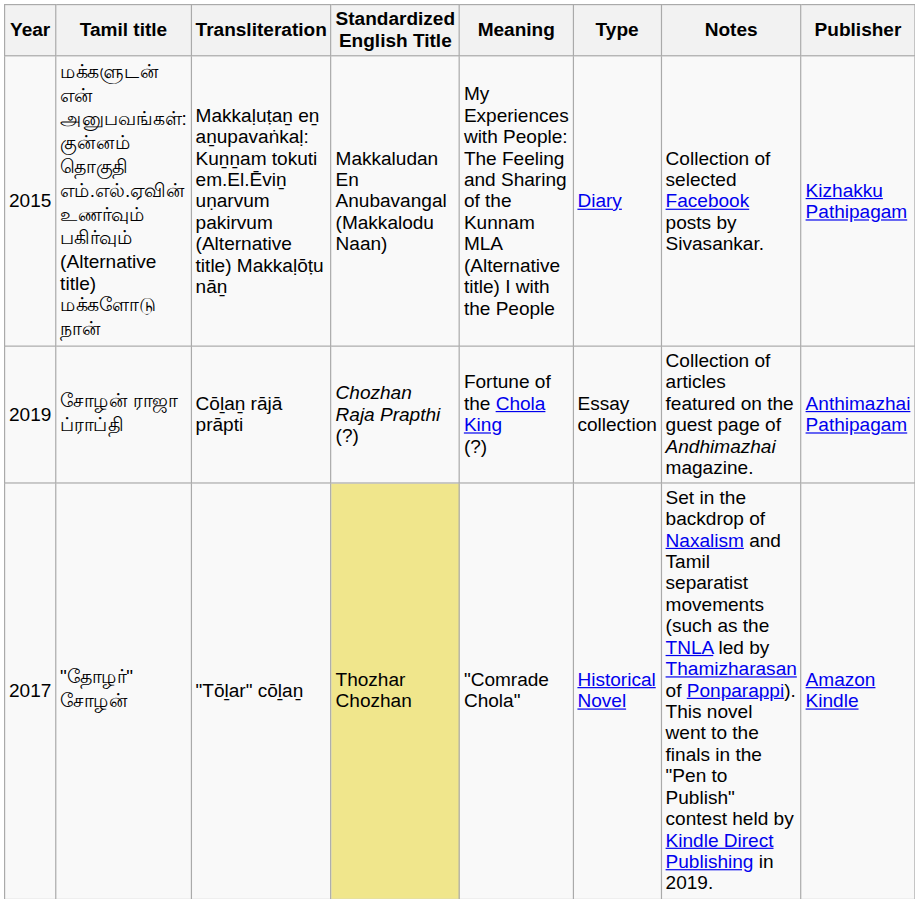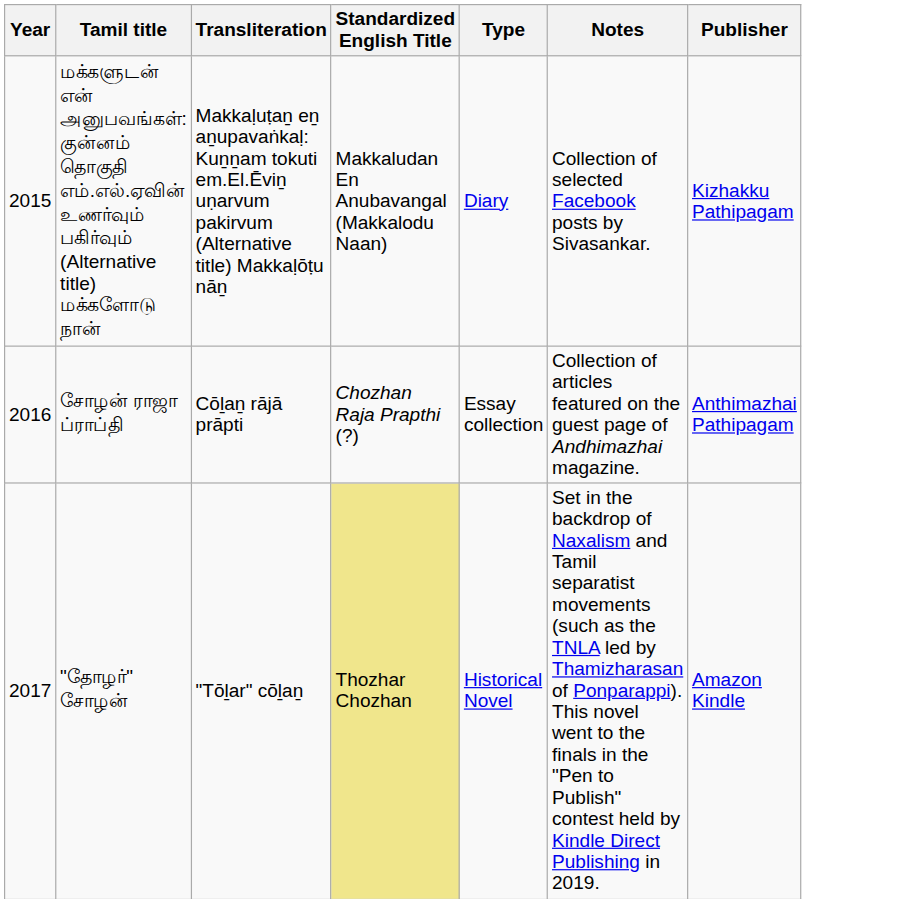 <table class="wikitable">
 <tr>
 <th>Year</th>
 <th>Tamil title</th>
 <th>Transliteration</th>
 <th>Standardized English Title</th>
-<th>Meaning</th>
 <th>Type</th>
 <th>Notes</th>
 <th>Publisher</th>
 </tr>
 <tr>
 <td>2015</td>
 <td>மக்களுடன் என் அனுபவங்கள்:   குன்னம் தொகுதி எம்.எல்.ஏவின் உணர்வும் பகிர்வும்<br>(Alternative  title) மக்களோடு நான்</td>
 <td>Makkaḷuṭaṉ eṉ aṉupavaṅkaḷ: Kuṉṉam tokuti em.El.Ēviṉ uṇarvum pakirvum<br>(Alternative  title) Makkaḷōṭu nāṉ</td>
 <td>Makkaludan En Anubavangal<br>(Makkalodu Naan)</td>
-<td>My Experiences with People: The Feeling and Sharing of the Kunnam MLA<br>(Alternative  title) I with the People</td>
 <td><a href='#'>Diary</a></td>
 <td>Collection of selected <a href='#'>Facebook</a> posts by Sivasankar.</td>
 <td><a href='#'>Kizhakku Pathipagam</a></td>
 </tr>
 <tr>
-<td>2019</td>
+<td>2016</td>
 <td>சோழன் ராஜா ப்ராப்தி</td>
 <td>Cōḻaṉ rājā prāpti</td>
 <td><em>Chozhan Raja Prapthi</em>    (?)</td>
-<td>Fortune of the <a href='#'>Chola King</a><br>(?)</td>
 <td>Essay collection</td>
 <td>Collection of articles featured on the guest page of <em>Andhimazhai</em> magazine.</td>
 <td><a href='#'>Anthimazhai Pathipagam</a></td>
 </tr>
 <tr>
 <td>2017</td>
 <td>"தோழர்" சோழன்</td>
 <td>"Tōḻar" cōḻaṉ</td>
 <td style="background: khaki;">Thozhar Chozhan</td>
-<td>"Comrade Chola"</td>
 <td><a href='#'>Historical Novel</a></td>
 <td>Set in the backdrop of <a href='#'>Naxalism</a> and Tamil separatist movements (such as the <a href='#'>TNLA</a> led by <a href='#'>Thamizharasan</a> of <a href='#'>Ponparappi</a>).<br>This novel went to the finals in the "Pen to Publish" contest held by <a href='#'>Kindle Direct Publishing</a> in 2019.</td>
 <td><a href='#'>Amazon Kindle</a></td>
 </tr>
 </table>
